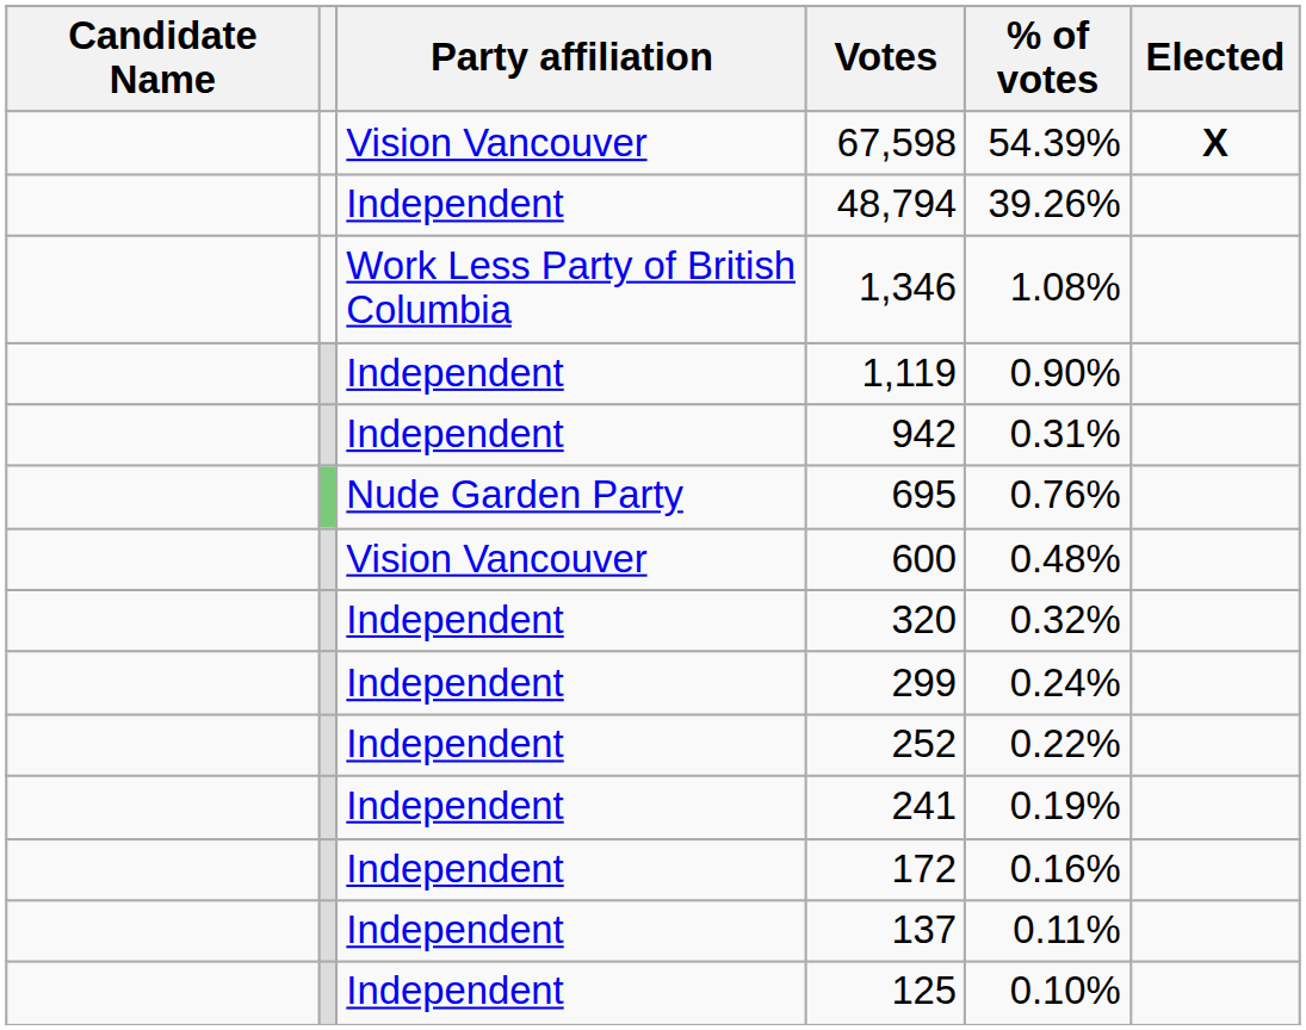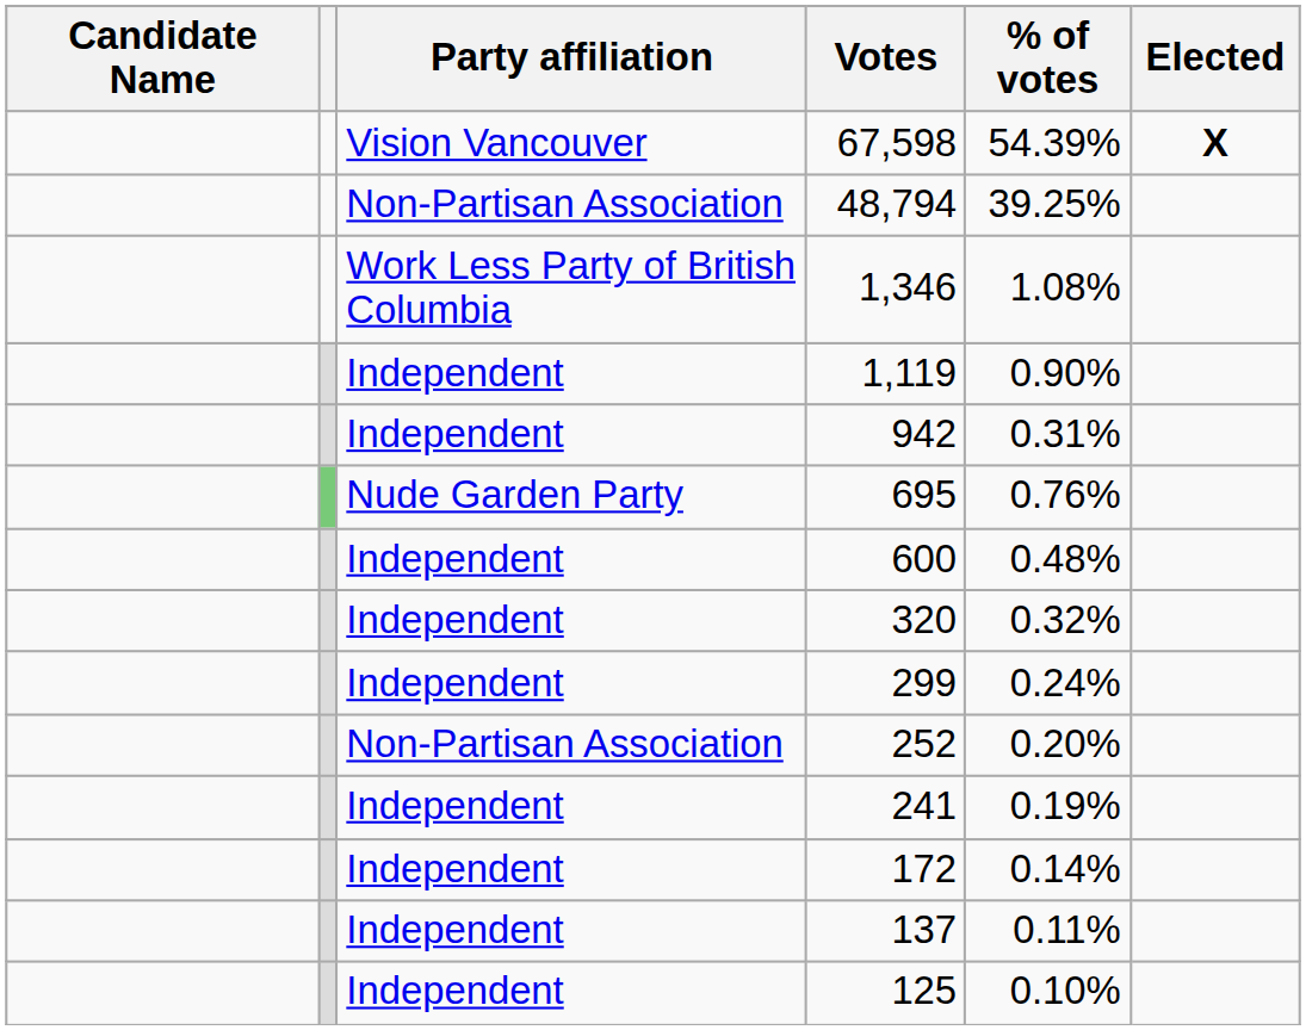 <table class="wikitable sortable" style="text-align:center; margin:5px; width: 60%">
 <tr>
 <th style="width:20%;">Candidate Name</th>
 <th style="width:0.05%;"></th>
 <th style="width:30%;">Party affiliation</th>
 <th style="width:8%;">Votes</th>
 <th style="width:5%;">% of votes</th>
 <th style="width:5%;">Elected</th>
 </tr>
 <tr>
 <td align="left"></td>
 <td style="background:"></td>
 <td align="left"><a href='#'>Vision Vancouver</a></td>
 <td align="right">67,598</td>
 <td align="right">54.39%</td>
 <td><strong>X</strong></td>
 </tr>
 <tr>
 <td align="left"></td>
 <td style="background:"></td>
-<td align="left"><a href='#'>Independent</a></td>
+<td align="left"><a href='#'>Non-Partisan Association</a></td>
 <td align="right">48,794</td>
-<td align="right">39.26%</td>
+<td align="right">39.25%</td>
 <td></td>
 </tr>
 <tr>
 <td align="left"></td>
 <td style="background:"></td>
 <td align="left"><a href='#'>Work Less Party of British Columbia</a></td>
 <td align="right">1,346</td>
 <td align="right">1.08%</td>
 <td></td>
 </tr>
 <tr>
 <td align="left"></td>
 <td style="background:gainsboro"></td>
 <td align="left"><a href='#'>Independent</a></td>
 <td align="right">1,119</td>
 <td align="right">0.90%</td>
 <td></td>
 </tr>
 <tr>
 <td align="left"></td>
 <td style="background:gainsboro;"></td>
 <td align="left"><a href='#'>Independent</a></td>
 <td align="right">942</td>
 <td align="right">0.31%</td>
 <td></td>
 </tr>
 <tr>
 <td align="left"></td>
 <td style="background:#78CA78;"></td>
 <td align="left"><a href='#'>Nude Garden Party</a></td>
 <td align="right">695</td>
 <td align="right">0.76%</td>
 <td></td>
 </tr>
 <tr>
 <td align="left"></td>
 <td style="background:gainsboro;"></td>
-<td align="left"><a href='#'>Vision Vancouver</a></td>
+<td align="left"><a href='#'>Independent</a></td>
 <td align="right">600</td>
 <td align="right">0.48%</td>
 <td></td>
 </tr>
 <tr>
 <td align="left"></td>
 <td style="background:gainsboro;"></td>
 <td align="left"><a href='#'>Independent</a></td>
 <td align="right">320</td>
 <td align="right">0.32%</td>
 <td></td>
 </tr>
 <tr>
 <td align="left"></td>
 <td style="background:gainsboro;"></td>
 <td align="left"><a href='#'>Independent</a></td>
 <td align="right">299</td>
 <td align="right">0.24%</td>
 <td></td>
 </tr>
 <tr>
 <td align="left"></td>
 <td style="background:gainsboro;"></td>
-<td align="left"><a href='#'>Independent</a></td>
+<td align="left"><a href='#'>Non-Partisan Association</a></td>
 <td align="right">252</td>
-<td align="right">0.22%</td>
+<td align="right">0.20%</td>
 <td></td>
 </tr>
 <tr>
 <td align="left"></td>
 <td style="background:gainsboro;"></td>
 <td align="left"><a href='#'>Independent</a></td>
 <td align="right">241</td>
 <td align="right">0.19%</td>
 <td></td>
 </tr>
 <tr>
 <td align="left"></td>
 <td style="background:gainsboro;"></td>
 <td align="left"><a href='#'>Independent</a></td>
 <td align="right">172</td>
-<td align="right">0.16%</td>
+<td align="right">0.14%</td>
 <td></td>
 </tr>
 <tr>
 <td align="left"></td>
 <td style="background:gainsboro;"></td>
 <td align="left"><a href='#'>Independent</a></td>
 <td align="right">137</td>
 <td align="right">0.11%</td>
 <td></td>
 </tr>
 <tr>
 <td align="left"></td>
 <td style="background:gainsboro;"></td>
 <td align="left"><a href='#'>Independent</a></td>
 <td align="right">125</td>
 <td align="right">0.10%</td>
 <td></td>
 </tr>
 </table>
